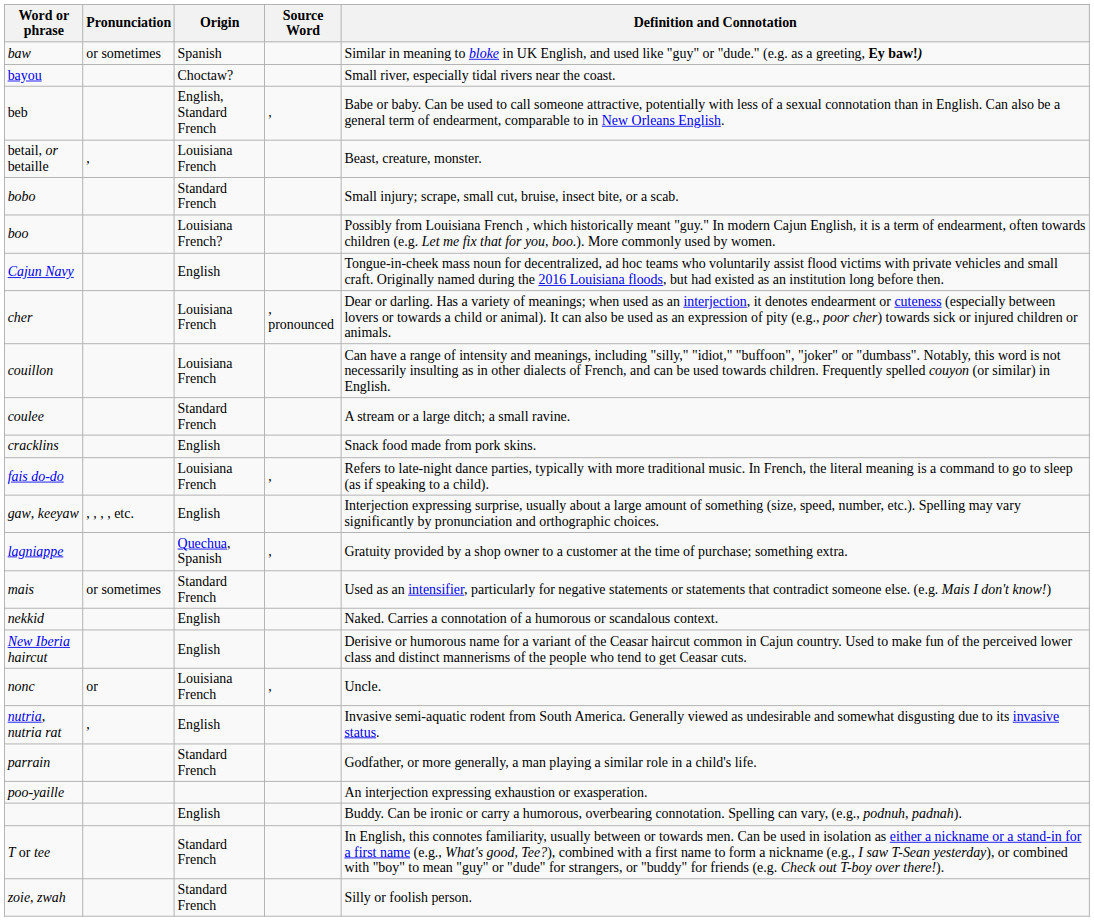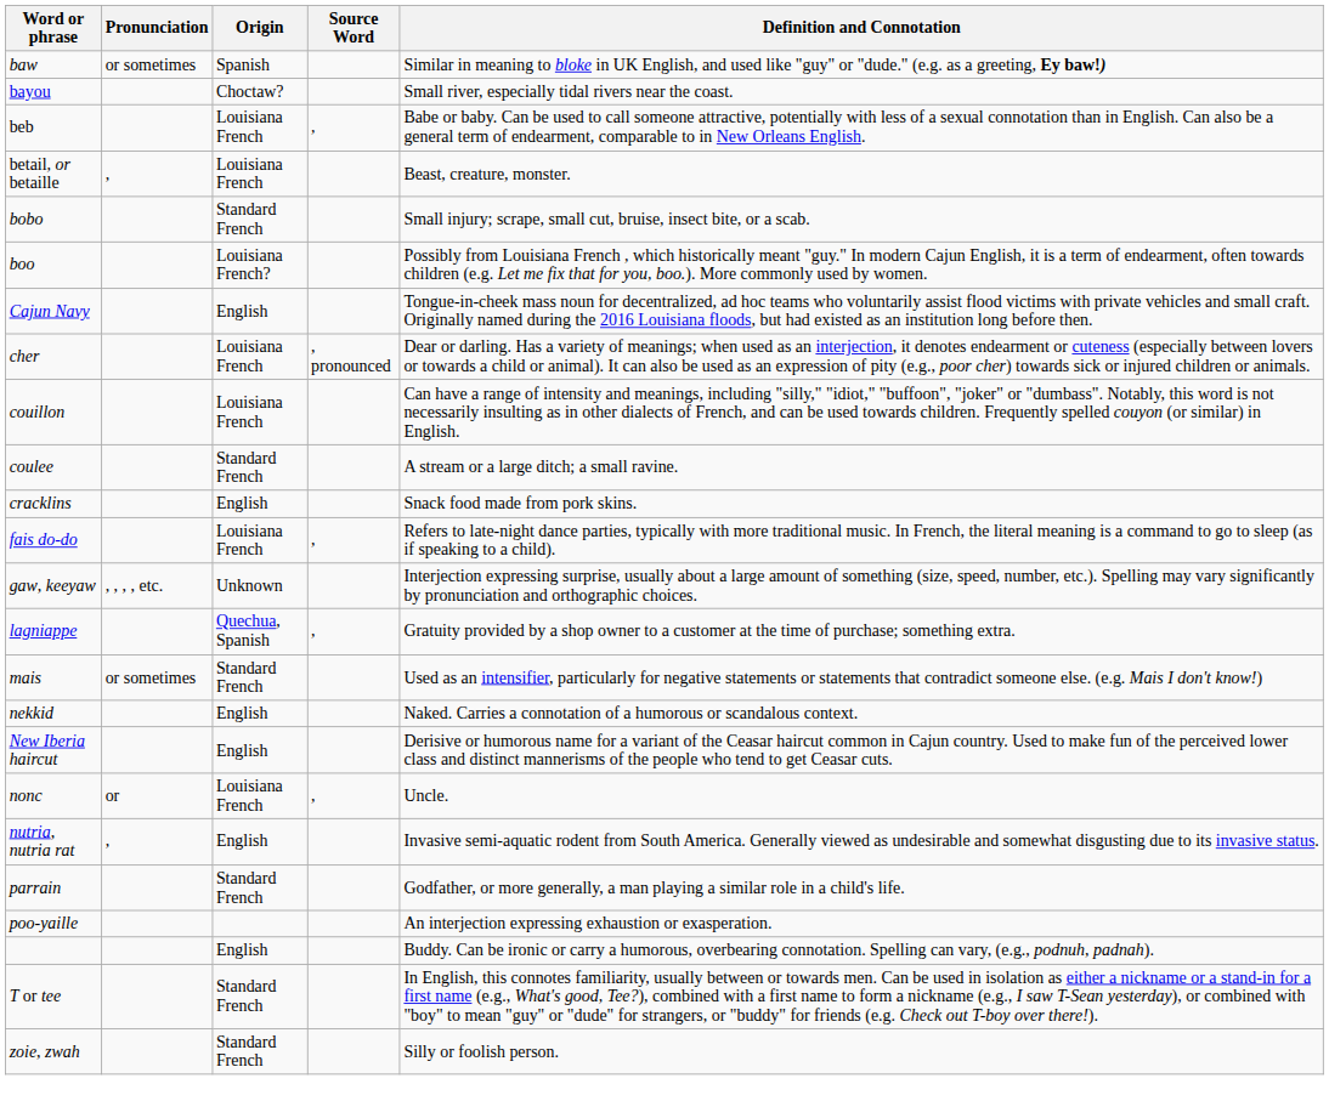 <table class="wikitable">
 <tr>
 <th>Word or phrase</th>
 <th>Pronunciation</th>
 <th>Origin</th>
 <th>Source Word</th>
 <th>Definition and Connotation</th>
 </tr>
 <tr>
 <td><em>baw</em></td>
 <td> or sometimes </td>
 <td>Spanish</td>
 <td><em></em></td>
 <td>Similar in meaning to <em><a href='#'>bloke</a></em> in UK English, and used like "guy" or "dude." (e.g. as a greeting, <strong>Ey baw!<em>)</td>
 </tr>
 <tr>
 <td></em><a href='#'>bayou</a><em></td>
 <td></td>
 <td>Choctaw?</td>
 <td></em><em></td>
 <td>Small river, especially tidal rivers near the coast.</td>
 </tr>
 <tr>
 <td></em>beb<em></td>
 <td></td>
-<td>English, Standard French</td>
+<td>Louisiana French</td>
 <td></em><em>, </em><em></td>
 <td>Babe or baby. Can be used to call someone attractive, potentially with less of a sexual connotation than in English. Can also be a general term of endearment, comparable to  in <a href='#'>New Orleans English</a>.</td>
 </tr>
 <tr>
 <td></em>betail<em>, or </em>betaille<em></td>
 <td>, </td>
 <td>Louisiana French</td>
 <td></em></td>
 <td>Beast, creature, monster.</td>
 </tr>
 <tr>
 <td><em>bobo</em></td>
 <td></td>
 <td>Standard French</td>
 <td><em></em></td>
 <td>Small injury; scrape, small cut, bruise, insect bite, or a scab.</td>
 </tr>
 <tr>
 <td><em>boo</em></td>
 <td></td>
 <td>Louisiana French?</td>
 <td><em></em></td>
 <td>Possibly from Louisiana French <em>,</em> which historically meant "guy." In modern Cajun English, it is a term of endearment, often towards children (e.g. <em>Let me fix that for you, boo.</em>).  More commonly used by women.</td>
 </tr>
 <tr>
 <td><em><a href='#'>Cajun Navy</a></em></td>
 <td></td>
 <td>English</td>
 <td></td>
 <td>Tongue-in-cheek mass noun for decentralized, ad hoc teams who voluntarily assist flood victims with private vehicles and small craft. Originally named during the <a href='#'>2016 Louisiana floods</a>, but had existed as an institution long before then.</td>
 </tr>
 <tr>
 <td><em>cher</em></td>
 <td></td>
 <td>Louisiana French</td>
 <td><em></em>, pronounced  </td>
 <td>Dear or darling. Has a variety of meanings; when used as an <a href='#'>interjection</a>, it denotes endearment or <a href='#'>cuteness</a> (especially between lovers or towards a child or animal). It can also be used as an expression of pity (e.g., <em>poor cher</em>) towards sick or injured children or animals.</td>
 </tr>
 <tr>
 <td><em>couillon</em></td>
 <td></td>
 <td>Louisiana French</td>
 <td><em></em></td>
 <td>Can have a range of intensity and meanings, including "silly," "idiot," "buffoon", "joker" or "dumbass". Notably, this word is not necessarily insulting as in other dialects of French, and can be used towards children. Frequently spelled <em>couyon</em> (or similar) in English.</td>
 </tr>
 <tr>
 <td><em>coulee</em></td>
 <td></td>
 <td>Standard French</td>
 <td><em></em></td>
 <td>A stream or a large ditch; a small ravine.</td>
 </tr>
 <tr>
 <td><em>cracklins</em></td>
 <td></td>
 <td>English</td>
 <td><em></em></td>
 <td>Snack food made from pork skins.</td>
 </tr>
 <tr>
 <td><em><a href='#'>fais do-do</a></em></td>
 <td></td>
 <td>Louisiana French</td>
 <td>, </td>
 <td>Refers to late-night dance parties, typically with more traditional music. In French, the literal meaning is a command to go to sleep (as if speaking to a child).</td>
 </tr>
 <tr>
 <td><em>gaw</em>, <em>keeyaw</em></td>
 <td>, , , , etc.</td>
-<td>English</td>
+<td>Unknown</td>
 <td></td>
 <td>Interjection expressing surprise, usually about a large amount of something (size, speed, number, etc.). Spelling may vary significantly by pronunciation and orthographic choices.</td>
 </tr>
 <tr>
 <td><em><a href='#'>lagniappe</a></em></td>
 <td></td>
 <td><a href='#'>Quechua</a>, Spanish</td>
 <td><em></em>, <em></em></td>
 <td>Gratuity provided by a shop owner to a customer at the time of purchase; something extra.</td>
 </tr>
 <tr>
 <td><em>mais</em></td>
 <td> or sometimes </td>
 <td>Standard French</td>
 <td><em></em></td>
 <td>Used as an <a href='#'>intensifier</a>, particularly for negative statements or statements that contradict someone else. (e.g. <em>Mais I don't know!</em>)</td>
 </tr>
 <tr>
 <td><em>nekkid</em></td>
 <td></td>
 <td>English</td>
 <td><em></em></td>
 <td>Naked. Carries a connotation of a humorous or scandalous context.</td>
 </tr>
 <tr>
 <td><em><a href='#'>New Iberia</a> haircut</em></td>
 <td></td>
 <td>English</td>
 <td></td>
 <td>Derisive or humorous name for a variant of the Ceasar haircut common in Cajun country. Used to make fun of the perceived lower class and distinct mannerisms of the people who tend to get Ceasar cuts.</td>
 </tr>
 <tr>
 <td><em>nonc</em></td>
 <td> or </td>
 <td>Louisiana French</td>
 <td><em></em>, <em></em></td>
 <td>Uncle.</td>
 </tr>
 <tr>
 <td><em><a href='#'>nutria</a></em>, <em>nutria rat</em></td>
 <td>, </td>
 <td>English</td>
 <td><em></em></td>
 <td>Invasive semi-aquatic rodent from South America. Generally viewed as undesirable and somewhat disgusting due to its <a href='#'>invasive status</a>.</td>
 </tr>
 <tr>
 <td><em>parrain</em></td>
 <td></td>
 <td>Standard French</td>
 <td><em></em></td>
 <td>Godfather, or more generally, a man playing a similar role in a child's life.</td>
 </tr>
 <tr>
 <td><em>poo-yaille</em></td>
 <td></td>
 <td></td>
 <td></td>
 <td>An interjection expressing exhaustion or exasperation.</td>
 </tr>
 <tr>
 <td><em></em></td>
 <td></td>
 <td>English</td>
 <td><em></em></td>
 <td>Buddy. Can be ironic or carry a humorous, overbearing connotation. Spelling can vary, (e.g., <em>podnuh</em>, <em>padnah</em>).</td>
 </tr>
 <tr>
 <td><em>T</em> or <em>tee</em></td>
 <td></td>
 <td>Standard French</td>
 <td><em></em></td>
 <td>In English, this connotes familiarity, usually between or towards men. Can be used in isolation as <a href='#'>either a nickname or a stand-in for a first name</a> (e.g., <em>What's good, Tee?</em>), combined with a first name to form a nickname (e.g., <em>I saw T-Sean yesterday</em>), or combined with "boy" to mean "guy" or "dude" for strangers, or "buddy" for friends (e.g. <em>Check out T-boy over there!</em>).</td>
 </tr>
 <tr>
 <td><em>zoie</em>, <em>zwah</em></td>
 <td></td>
 <td>Standard French</td>
 <td><em></em></td>
 <td>Silly or foolish person.</td>
 </tr>
 </table>
